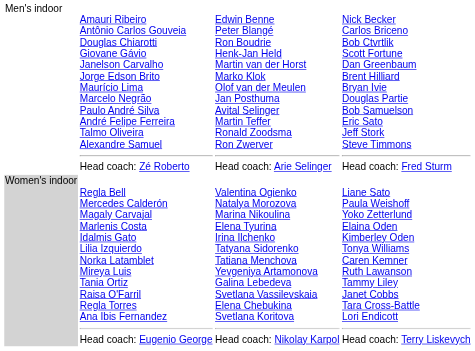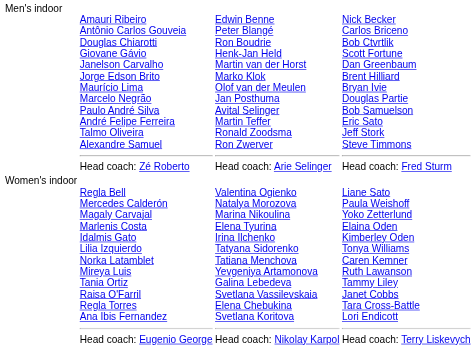 <table>
 <tr valign="top">
 <td>Men's indoor<br></td>
 <td valign=top><br><a href='#'>Amauri Ribeiro</a><br><a href='#'>Antônio Carlos Gouveia</a><br><a href='#'>Douglas Chiarotti</a><br><a href='#'>Giovane Gávio</a><br><a href='#'>Janelson Carvalho</a><br><a href='#'>Jorge Edson Brito</a><br><a href='#'>Maurício Lima</a><br><a href='#'>Marcelo Negrão</a><br><a href='#'>Paulo André Silva</a><br><a href='#'>André Felipe Ferreira</a><br><a href='#'>Talmo Oliveira</a><br><a href='#'>Alexandre Samuel</a><br><hr>Head coach: <a href='#'>Zé Roberto</a></td>
 <td valign=top><br><a href='#'>Edwin Benne</a><br><a href='#'>Peter Blangé</a><br><a href='#'>Ron Boudrie</a><br><a href='#'>Henk-Jan Held</a><br><a href='#'>Martin van der Horst</a><br><a href='#'>Marko Klok</a><br><a href='#'>Olof van der Meulen</a><br><a href='#'>Jan Posthuma</a><br><a href='#'>Avital Selinger</a><br><a href='#'>Martin Teffer</a><br><a href='#'>Ronald Zoodsma</a><br><a href='#'>Ron Zwerver</a><br><hr>Head coach: <a href='#'>Arie Selinger</a></td>
 <td valign=top><br><a href='#'>Nick Becker</a><br><a href='#'>Carlos Briceno</a><br><a href='#'>Bob Ctvrtlik</a><br><a href='#'>Scott Fortune</a><br><a href='#'>Dan Greenbaum</a><br><a href='#'>Brent Hilliard</a><br><a href='#'>Bryan Ivie</a><br><a href='#'>Douglas Partie</a><br><a href='#'>Bob Samuelson</a><br><a href='#'>Eric Sato</a><br><a href='#'>Jeff Stork</a><br><a href='#'>Steve Timmons</a><br><hr>Head coach: <a href='#'>Fred Sturm</a></td>
 </tr>
 <tr valign="top">
-<td style="background: lightgrey;">Women's indoor<br></td>
+<td>Women's indoor<br></td>
 <td valign=top><br><a href='#'>Regla Bell</a><br><a href='#'>Mercedes Calderón</a><br><a href='#'>Magaly Carvajal</a><br><a href='#'>Marlenis Costa</a><br><a href='#'>Idalmis Gato</a><br><a href='#'>Lilia Izquierdo</a><br><a href='#'>Norka Latamblet</a><br><a href='#'>Mireya Luis</a><br><a href='#'>Tania Ortiz</a><br><a href='#'>Raisa O'Farril</a><br><a href='#'>Regla Torres</a><br><a href='#'>Ana Ibis Fernandez</a><br><hr>Head coach: <a href='#'>Eugenio George</a></td>
 <td valign=top><br><a href='#'>Valentina Ogienko</a><br><a href='#'>Natalya Morozova</a><br><a href='#'>Marina Nikoulina</a><br><a href='#'>Elena Tyurina</a><br><a href='#'>Irina Ilchenko</a><br><a href='#'>Tatyana Sidorenko</a><br><a href='#'>Tatiana Menchova</a><br><a href='#'>Yevgeniya Artamonova</a><br><a href='#'>Galina Lebedeva</a><br><a href='#'>Svetlana Vassilevskaia</a><br><a href='#'>Elena Chebukina</a><br><a href='#'>Svetlana Koritova</a><br><hr>Head coach: <a href='#'>Nikolay Karpol</a></td>
 <td valign=top><br><a href='#'>Liane Sato</a><br><a href='#'>Paula Weishoff</a><br><a href='#'>Yoko Zetterlund</a><br><a href='#'>Elaina Oden</a><br><a href='#'>Kimberley Oden</a><br><a href='#'>Tonya Williams</a><br><a href='#'>Caren Kemner</a><br><a href='#'>Ruth Lawanson</a><br><a href='#'>Tammy Liley</a><br><a href='#'>Janet Cobbs</a><br><a href='#'>Tara Cross-Battle</a><br><a href='#'>Lori Endicott</a><br><hr>Head coach: <a href='#'>Terry Liskevych</a></td>
 </tr>
 </table>
